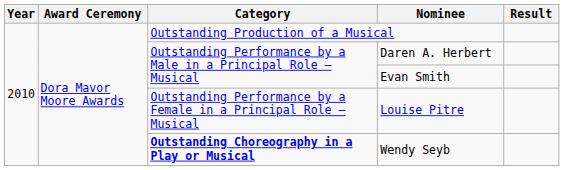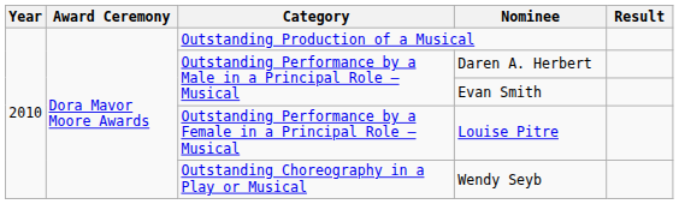 <table class="wikitable" style="width:100%;">
 <tr>
 <th style="width:5%;">Year</th>
 <th style="width:20%;">Award Ceremony</th>
 <th style="width:42%;">Category</th>
 <th style="width:23%;">Nominee</th>
 <th style="width:10%;">Result</th>
 </tr>
 <tr>
 <td rowspan="5" align="center">2010</td>
 <td rowspan="5"><a href='#'>Dora Mavor Moore Awards</a></td>
 <td colspan="2"><a href='#'>Outstanding Production of a Musical</a></td>
 <td></td>
 </tr>
 <tr>
 <td rowspan="2"><a href='#'>Outstanding Performance by a Male in a Principal Role – Musical</a></td>
 <td>Daren A. Herbert</td>
 <td></td>
 </tr>
 <tr>
 <td>Evan Smith</td>
 <td></td>
 </tr>
 <tr>
 <td><a href='#'>Outstanding Performance by a Female in a Principal Role – Musical</a></td>
 <td><a href='#'>Louise Pitre</a></td>
 <td></td>
 </tr>
 <tr>
-<td><strong><a href='#'>Outstanding Choreography in a Play or Musical</a></strong></td>
+<td><a href='#'>Outstanding Choreography in a Play or Musical</a></td>
 <td>Wendy Seyb</td>
 <td></td>
 </tr>
 </table>
